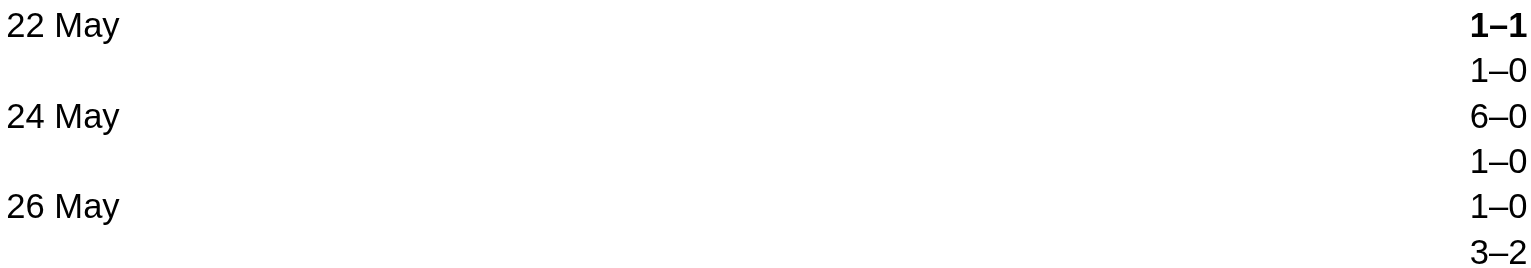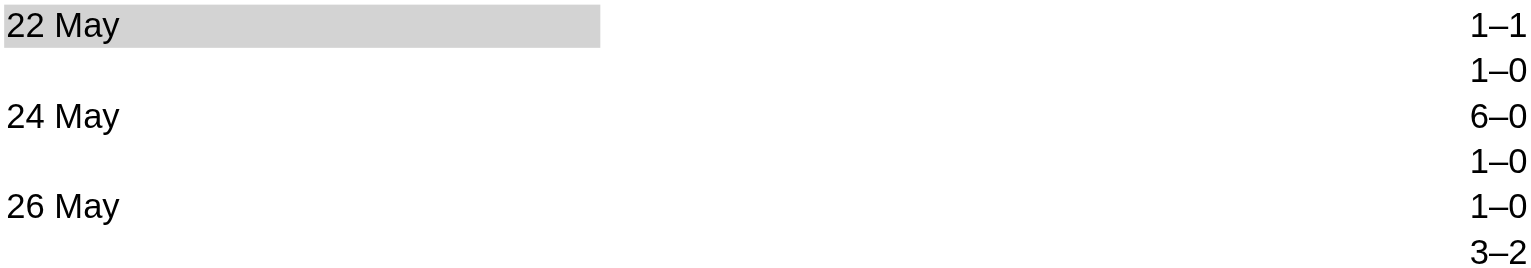 <table cellspacing=1 width=70%>
 <tr>
 <th width=25%></th>
 <th width=30%></th>
 <th width=15%></th>
 <th width=30%></th>
 </tr>
 <tr>
-<td>22 May</td>
+<td style="background: lightgrey;">22 May</td>
 <td align=right></td>
-<td align=center><strong>1–1</strong></td>
+<td align=center>1–1</td>
 <td></td>
 </tr>
 <tr>
 <td></td>
 <td align=right></td>
 <td align=center>1–0</td>
 <td></td>
 </tr>
 <tr>
 <td>24 May</td>
 <td align=right></td>
 <td align=center>6–0</td>
 <td></td>
 </tr>
 <tr>
 <td></td>
 <td align=right></td>
 <td align=center>1–0</td>
 <td></td>
 </tr>
 <tr>
 <td>26 May</td>
 <td align=right></td>
 <td align=center>1–0</td>
 <td></td>
 </tr>
 <tr>
 <td></td>
 <td align=right></td>
 <td align=center>3–2</td>
 <td></td>
 </tr>
 </table>
